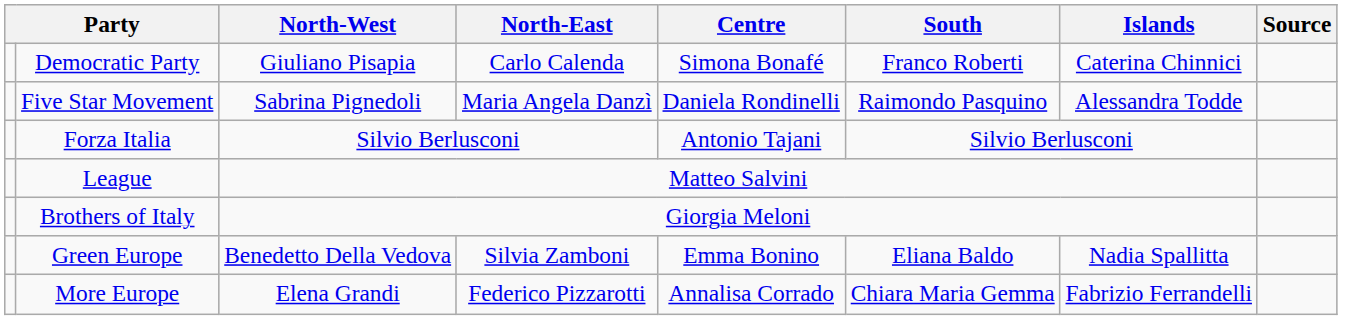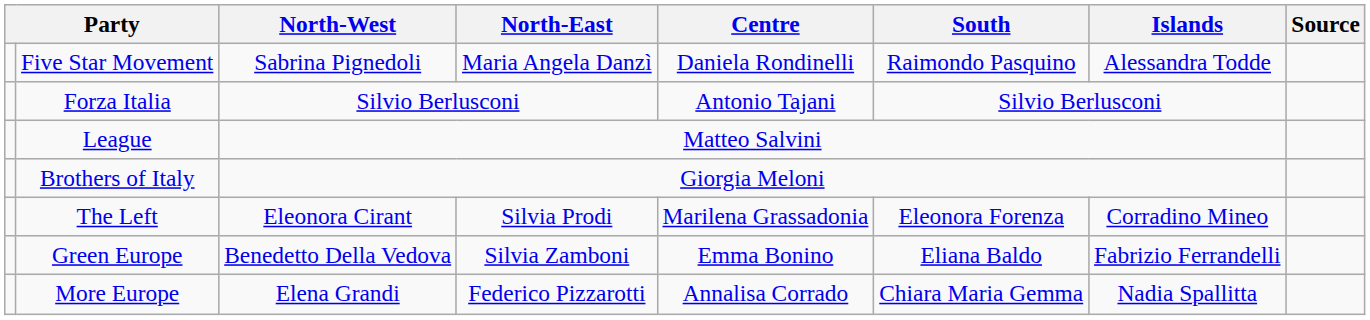 <table class="wikitable" style="text-align:center;font-size:95%">
 <tr>
 <th colspan=2>Party</th>
 <th><a href='#'>North-West</a></th>
 <th><a href='#'>North-East</a></th>
 <th><a href='#'>Centre</a></th>
 <th><a href='#'>South</a></th>
 <th><a href='#'>Islands</a></th>
 <th>Source</th>
-</tr>
-<tr>
-<td></td>
-<td><a href='#'>Democratic Party</a></td>
-<td><a href='#'>Giuliano Pisapia</a></td>
-<td><a href='#'>Carlo Calenda</a></td>
-<td><a href='#'>Simona Bonafé</a></td>
-<td><a href='#'>Franco Roberti</a></td>
-<td><a href='#'>Caterina Chinnici</a></td>
-<td></td>
 </tr>
 <tr>
 <td></td>
 <td><a href='#'>Five Star Movement</a></td>
 <td><a href='#'>Sabrina Pignedoli</a></td>
 <td><a href='#'>Maria Angela Danzì</a></td>
 <td><a href='#'>Daniela Rondinelli</a></td>
 <td><a href='#'>Raimondo Pasquino</a></td>
 <td><a href='#'>Alessandra Todde</a></td>
 <td></td>
 </tr>
 <tr>
 <td></td>
 <td><a href='#'>Forza Italia</a></td>
 <td colspan="2" style="text-align:center;"><a href='#'>Silvio Berlusconi</a></td>
 <td><a href='#'>Antonio Tajani</a></td>
 <td colspan="2" style="text-align:center;"><a href='#'>Silvio Berlusconi</a></td>
 <td></td>
 </tr>
 <tr>
 <td></td>
 <td><a href='#'>League</a></td>
 <td colspan="5" style="text-align:center;"><a href='#'>Matteo Salvini</a></td>
 <td></td>
 </tr>
 <tr>
 <td></td>
 <td><a href='#'>Brothers of Italy</a></td>
 <td colspan="5" style="text-align:center;"><a href='#'>Giorgia Meloni</a></td>
 <td></td>
 </tr>
 <tr>
 <td></td>
+<td><a href='#'>The Left</a></td>
+<td><a href='#'>Eleonora Cirant</a></td>
+<td><a href='#'>Silvia Prodi</a></td>
+<td><a href='#'>Marilena Grassadonia</a></td>
+<td><a href='#'>Eleonora Forenza</a></td>
+<td><a href='#'>Corradino Mineo</a></td>
+<td></td>
+</tr>
+<tr>
+<td></td>
 <td><a href='#'>Green Europe</a></td>
 <td><a href='#'>Benedetto Della Vedova</a></td>
 <td><a href='#'>Silvia Zamboni</a></td>
 <td><a href='#'>Emma Bonino</a></td>
 <td><a href='#'>Eliana Baldo</a></td>
-<td><a href='#'>Nadia Spallitta</a></td>
+<td><a href='#'>Fabrizio Ferrandelli</a></td>
 <td></td>
 </tr>
 <tr>
 <td></td>
 <td><a href='#'>More Europe</a></td>
 <td><a href='#'>Elena Grandi</a></td>
 <td><a href='#'>Federico Pizzarotti</a></td>
 <td><a href='#'>Annalisa Corrado</a></td>
 <td><a href='#'>Chiara Maria Gemma</a></td>
-<td><a href='#'>Fabrizio Ferrandelli</a></td>
+<td><a href='#'>Nadia Spallitta</a></td>
 <td></td>
 </tr>
 </table>
